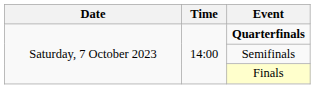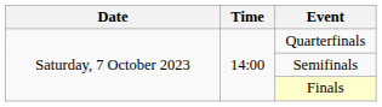 <table class = "wikitable" style="text-align:center;">
 <tr>
 <th width=220>Date</th>
 <th width=50>Time</th>
 <th width=100>Event</th>
 </tr>
 <tr>
 <td rowspan=3>Saturday, 7 October 2023</td>
 <td rowspan=3>14:00</td>
-<td><strong>Quarterfinals</strong></td>
+<td>Quarterfinals</td>
 </tr>
 <tr>
 <td>Semifinals</td>
 </tr>
 <tr>
 <td bgcolor=ffffcc>Finals</td>
 </tr>
 </table>
